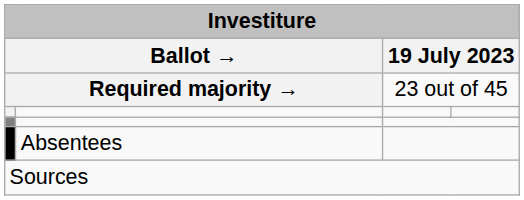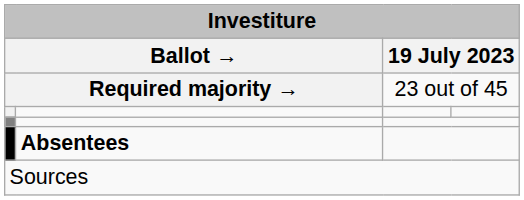 <table class="wikitable" style="text-align:center;">
 <tr bgcolor="#E9E9E9">
 <td colspan="4" align="center" bgcolor="#C0C0C0"><strong>Investiture</strong></td>
 </tr>
 <tr>
 <th colspan="2" width="275px">Ballot →</th>
 <th colspan="2">19 July 2023</th>
 </tr>
 <tr>
 <th colspan="2">Required majority →</th>
 <td colspan="2">23 out of 45</td>
 </tr>
 <tr>
 <th width="1px" style="background:"></th>
 <td align="left"></td>
 <td></td>
 <td></td>
 </tr>
 <tr>
 <th style="color:inherit;background:gray;"></th>
 <td align="left"></td>
 <td colspan="2"></td>
 </tr>
 <tr>
 <th style="color:inherit;background:black;"></th>
-<td align="left"><span>Absentees</span></td>
+<td align="left"><strong><span>Absentees</span></strong></td>
 <td colspan="2"></td>
 </tr>
 <tr>
 <td align="left" colspan="6">Sources</td>
 </tr>
 </table>
